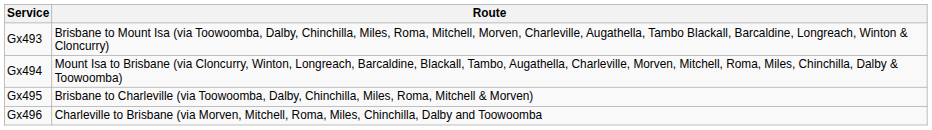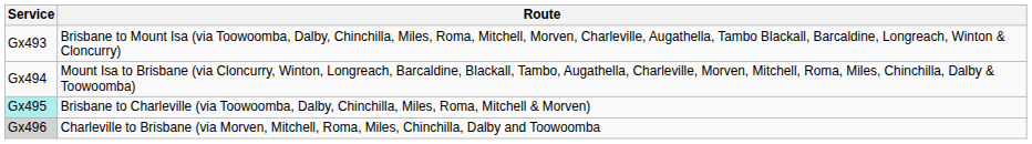 <table class="wikitable">
 <tr>
 <th>Service</th>
 <th>Route</th>
 </tr>
 <tr>
 <td>Gx493</td>
 <td>Brisbane to Mount Isa (via Toowoomba, Dalby, Chinchilla, Miles, Roma, Mitchell, Morven, Charleville, Augathella, Tambo Blackall, Barcaldine, Longreach, Winton & Cloncurry)</td>
 </tr>
 <tr>
 <td>Gx494</td>
 <td>Mount Isa to Brisbane (via Cloncurry, Winton, Longreach, Barcaldine, Blackall, Tambo, Augathella, Charleville, Morven, Mitchell, Roma, Miles, Chinchilla, Dalby & Toowoomba)</td>
 </tr>
 <tr>
-<td>Gx495</td>
+<td style="background: paleturquoise;">Gx495</td>
 <td>Brisbane to Charleville (via Toowoomba, Dalby, Chinchilla, Miles, Roma, Mitchell & Morven)</td>
 </tr>
 <tr>
-<td>Gx496</td>
+<td style="background: lightgrey;">Gx496</td>
 <td>Charleville to Brisbane (via Morven, Mitchell, Roma, Miles, Chinchilla, Dalby and Toowoomba</td>
 </tr>
 </table>
